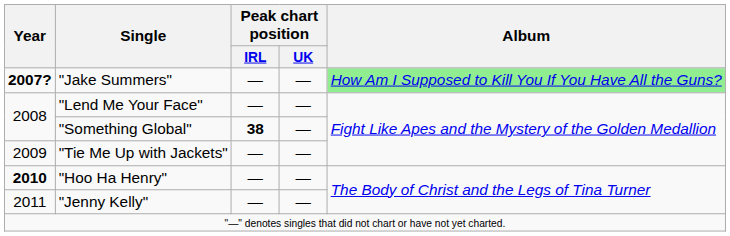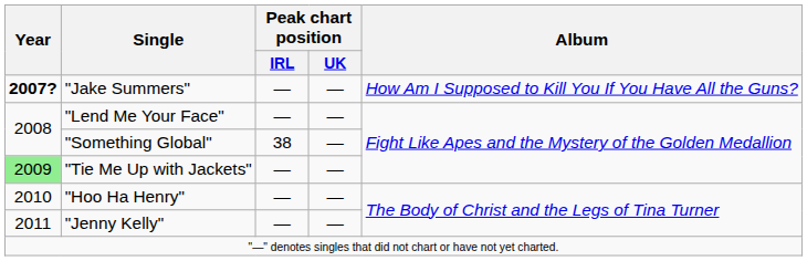 <table class="wikitable">
 <tr>
 <th rowspan="2">Year</th>
 <th rowspan="2">Single</th>
 <th colspan="2">Peak chart position</th>
 <th rowspan="2">Album</th>
 </tr>
 <tr>
 <th style="width:3em;font-size:90%;"><a href='#'>IRL</a></th>
 <th style="width:3em;font-size:90%;"><a href='#'>UK</a></th>
 </tr>
 <tr>
 <td><strong>2007?</strong></td>
 <td>"Jake Summers"</td>
 <td style="text-align:center;">—</td>
 <td style="text-align:center;">—</td>
-<td style="background: lightgreen;"><em><a href='#'>How Am I Supposed to Kill You If You Have All the Guns?</a></em></td>
+<td><em><a href='#'>How Am I Supposed to Kill You If You Have All the Guns?</a></em></td>
 </tr>
 <tr>
 <td style="text-align:center;" rowspan="2">2008</td>
 <td>"Lend Me Your Face"</td>
 <td style="text-align:center;">—</td>
 <td style="text-align:center;">—</td>
 <td rowspan="3"><em><a href='#'>Fight Like Apes and the Mystery of the Golden Medallion</a></em></td>
 </tr>
 <tr>
 <td>"Something Global"</td>
-<td style="text-align:center;"><strong>38</strong></td>
+<td style="text-align:center;">38</td>
 <td style="text-align:center;">—</td>
 </tr>
 <tr>
-<td style="text-align:center;">2009</td>
+<td style="background: lightgreen; text-align:center;">2009</td>
 <td>"Tie Me Up with Jackets"</td>
 <td style="text-align:center;">—</td>
 <td style="text-align:center;">—</td>
 </tr>
 <tr>
-<td style="text-align:center;"><strong>2010</strong></td>
+<td style="text-align:center;">2010</td>
 <td>"Hoo Ha Henry"</td>
 <td style="text-align:center;">—</td>
 <td style="text-align:center;">—</td>
 <td rowspan="2"><em><a href='#'>The Body of Christ and the Legs of Tina Turner</a></em></td>
 </tr>
 <tr>
 <td style="text-align:center;">2011</td>
 <td>"Jenny Kelly"</td>
 <td style="text-align:center;">—</td>
 <td style="text-align:center;">—</td>
 </tr>
 <tr>
 <td colspan="5" style="text-align:center; font-size:8pt;">"—" denotes singles that did not chart or have not yet charted.</td>
 </tr>
 </table>
